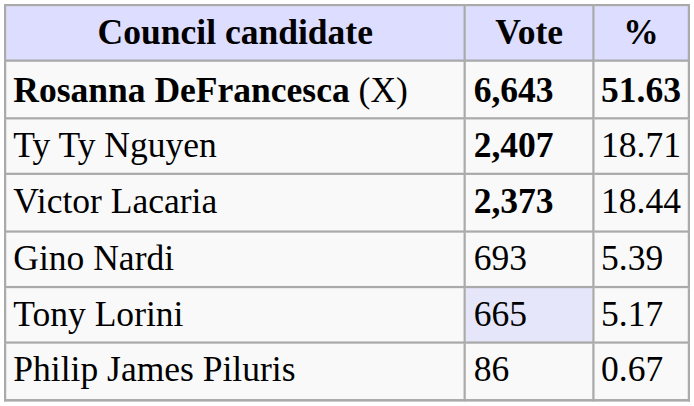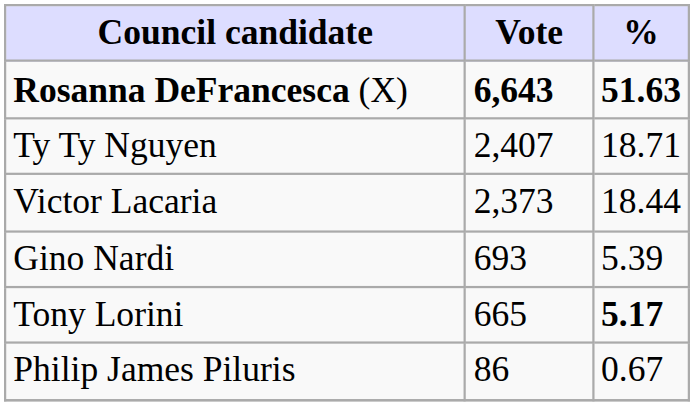 <table class="wikitable">
 <tr>
 <th style="background:#ddf; width:200px;">Council candidate</th>
 <th style="background:#ddf; width:50px;">Vote</th>
 <th style="background:#ddf; width:30px;">%</th>
 </tr>
 <tr>
 <td><strong>Rosanna DeFrancesca</strong> (X)</td>
 <td><strong>6,643</strong></td>
 <td><strong>51.63</strong></td>
 </tr>
 <tr>
 <td>Ty Ty Nguyen</td>
-<td><strong>2,407</strong></td>
+<td>2,407</td>
 <td>18.71</td>
 </tr>
 <tr>
 <td>Victor Lacaria</td>
-<td><strong>2,373</strong></td>
+<td>2,373</td>
 <td>18.44</td>
 </tr>
 <tr>
 <td>Gino Nardi</td>
 <td>693</td>
 <td>5.39</td>
 </tr>
 <tr>
 <td>Tony Lorini</td>
-<td style="background: lavender;">665</td>
-<td>5.17</td>
+<td>665</td>
+<td><strong>5.17</strong></td>
 </tr>
 <tr>
 <td>Philip James Piluris</td>
 <td>86</td>
 <td>0.67</td>
 </tr>
 <tr>
 </tr>
 </table>
